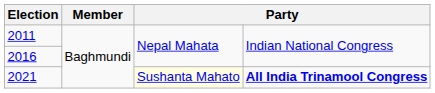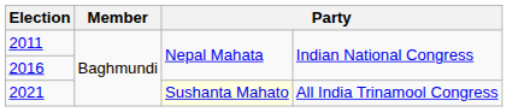 <table class="wikitable sortable">
 <tr>
 <th>Election</th>
 <th>Member</th>
 <th colspan=2>Party</th>
 </tr>
 <tr>
 <td><a href='#'>2011</a></td>
 <td rowspan=3>Baghmundi</td>
 <td rowspan=2><a href='#'>Nepal Mahata</a></td>
 <td rowspan=2><a href='#'>Indian National Congress</a></td>
 </tr>
 <tr>
 <td><a href='#'>2016</a></td>
 </tr>
 <tr>
 <td><a href='#'>2021</a></td>
 <td style="background: lightyellow;"><a href='#'>Sushanta Mahato</a></td>
-<td><strong><a href='#'>All India Trinamool Congress</a></strong></td>
+<td><a href='#'>All India Trinamool Congress</a></td>
 </tr>
 </table>
